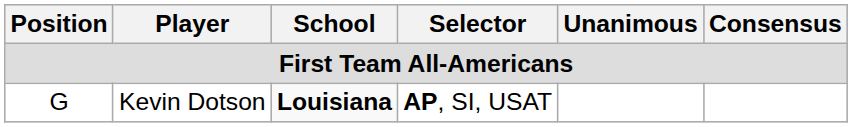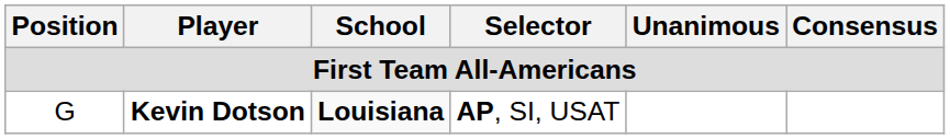 <table class="wikitable" border="0">
 <tr>
 <th>Position</th>
 <th>Player</th>
 <th>School</th>
 <th>Selector</th>
 <th>Unanimous</th>
 <th>Consensus</th>
 </tr>
 <tr>
 <td colspan="6" style="text-align:center; background:#ddd;"><strong>First Team All-Americans</strong></td>
 </tr>
 <tr style="text-align:center;">
 <td style="background:white">G</td>
-<td style="background:white">Kevin Dotson</td>
+<td style="background:white"><strong>Kevin Dotson</strong></td>
 <td style=><strong>Louisiana</strong></td>
 <td style="background:white"><strong>AP</strong>, SI, USAT</td>
 <td style="background:white"></td>
 <td style="background:white"></td>
 </tr>
 </table>
